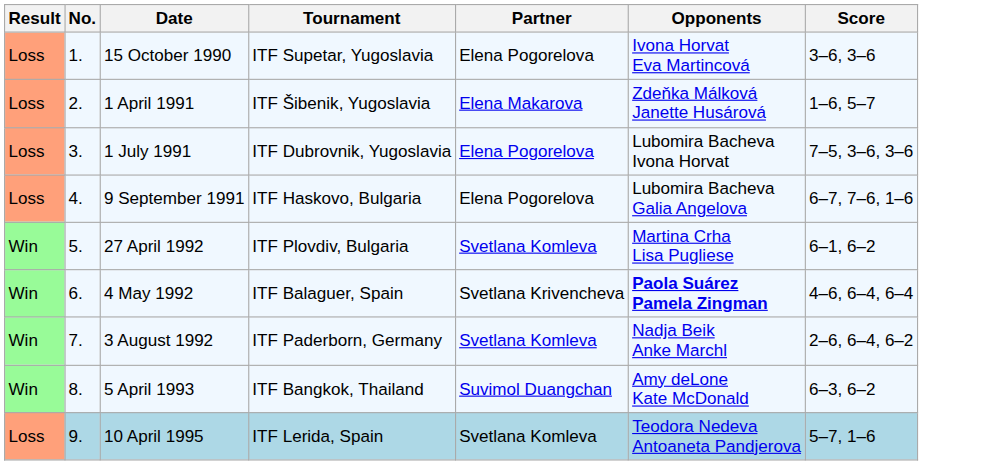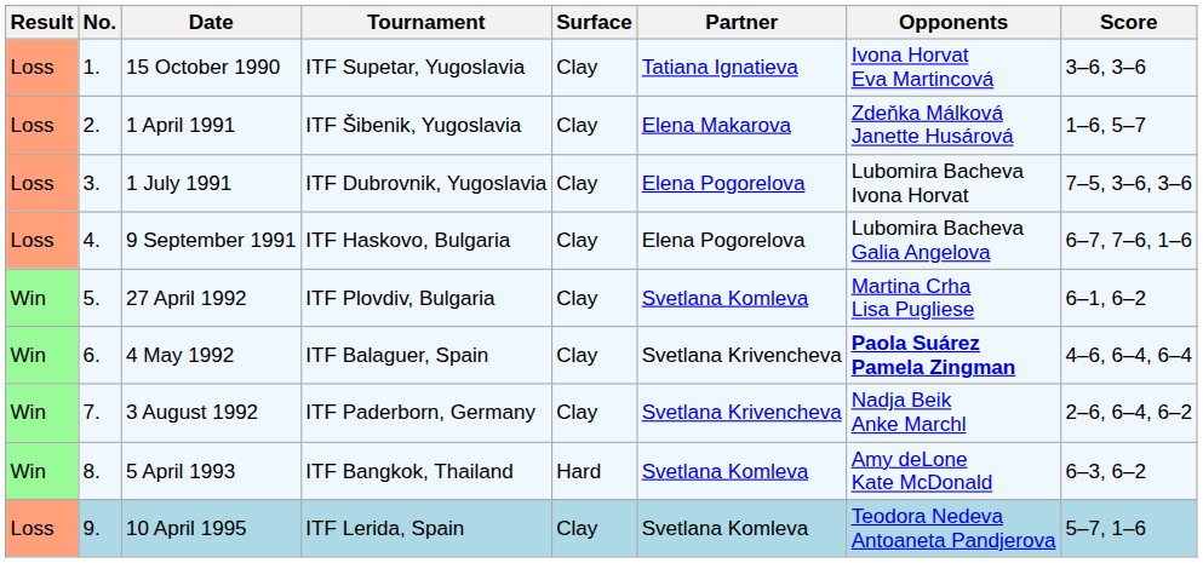 <table class="sortable wikitable" style="font-size:97%;">
 <tr>
 <th>Result</th>
 <th>No.</th>
 <th>Date</th>
 <th>Tournament</th>
+<th>Surface</th>
 <th>Partner</th>
 <th>Opponents</th>
 <th>Score</th>
 </tr>
 <tr style="background:#f0f8ff;">
 <td style="background:#ffa07a;">Loss</td>
 <td>1.</td>
 <td>15 October 1990</td>
 <td>ITF Supetar, Yugoslavia</td>
-<td> Elena Pogorelova</td>
+<td>Clay</td>
+<td> <a href='#'>Tatiana Ignatieva</a></td>
 <td> <a href='#'>Ivona Horvat</a> <br>  <a href='#'>Eva Martincová</a></td>
 <td>3–6, 3–6</td>
 </tr>
 <tr style="background:#f0f8ff;">
 <td style="background:#ffa07a;">Loss</td>
 <td>2.</td>
 <td>1 April 1991</td>
 <td>ITF Šibenik, Yugoslavia</td>
+<td>Clay</td>
 <td> <a href='#'>Elena Makarova</a></td>
 <td> <a href='#'>Zdeňka Málková</a> <br>  <a href='#'>Janette Husárová</a></td>
 <td>1–6, 5–7</td>
 </tr>
 <tr style="background:#f0f8ff;">
 <td style="background:#ffa07a;">Loss</td>
 <td>3.</td>
 <td>1 July 1991</td>
 <td>ITF Dubrovnik, Yugoslavia</td>
+<td>Clay</td>
 <td> <a href='#'>Elena Pogorelova</a></td>
 <td> Lubomira Bacheva <br>  Ivona Horvat</td>
 <td>7–5, 3–6, 3–6</td>
 </tr>
 <tr style="background:#f0f8ff;">
 <td style="background:#ffa07a;">Loss</td>
 <td>4.</td>
 <td>9 September 1991</td>
 <td>ITF Haskovo, Bulgaria</td>
+<td>Clay</td>
 <td> Elena Pogorelova</td>
 <td> Lubomira Bacheva <br>  <a href='#'>Galia Angelova</a></td>
 <td>6–7, 7–6, 1–6</td>
 </tr>
 <tr style="background:#f0f8ff;">
 <td style="background:#98fb98;">Win</td>
 <td>5.</td>
 <td>27 April 1992</td>
 <td>ITF Plovdiv, Bulgaria</td>
+<td>Clay</td>
 <td> <a href='#'>Svetlana Komleva</a></td>
 <td> <a href='#'>Martina Crha</a> <br>  <a href='#'>Lisa Pugliese</a></td>
 <td>6–1, 6–2</td>
 </tr>
 <tr style="background:#f0f8ff;">
 <td style="background:#98fb98;">Win</td>
 <td>6.</td>
 <td>4 May 1992</td>
 <td>ITF Balaguer, Spain</td>
+<td>Clay</td>
 <td> Svetlana Krivencheva</td>
 <td><strong> <a href='#'>Paola Suárez</a> <br>  <a href='#'>Pamela Zingman</a></strong></td>
 <td>4–6, 6–4, 6–4</td>
 </tr>
 <tr style="background:#f0f8ff;">
 <td style="background:#98fb98;">Win</td>
 <td>7.</td>
 <td>3 August 1992</td>
 <td>ITF Paderborn, Germany</td>
-<td> <a href='#'>Svetlana Komleva</a></td>
+<td>Clay</td>
+<td> <a href='#'>Svetlana Krivencheva</a></td>
 <td> <a href='#'>Nadja Beik</a> <br>  <a href='#'>Anke Marchl</a></td>
 <td>2–6, 6–4, 6–2</td>
 </tr>
 <tr style="background:#f0f8ff;">
 <td style="background:#98fb98;">Win</td>
 <td>8.</td>
 <td>5 April 1993</td>
 <td>ITF Bangkok, Thailand</td>
-<td> <a href='#'>Suvimol Duangchan</a></td>
+<td>Hard</td>
+<td> <a href='#'>Svetlana Komleva</a></td>
 <td> <a href='#'>Amy deLone</a> <br>  <a href='#'>Kate McDonald</a></td>
 <td>6–3, 6–2</td>
 </tr>
 <tr style="background:lightblue;">
 <td style="background:#ffa07a;">Loss</td>
 <td>9.</td>
 <td>10 April 1995</td>
 <td>ITF Lerida, Spain</td>
+<td>Clay</td>
 <td> Svetlana Komleva</td>
 <td> <a href='#'>Teodora Nedeva</a> <br>  <a href='#'>Antoaneta Pandjerova</a></td>
 <td>5–7, 1–6</td>
 </tr>
 </table>
